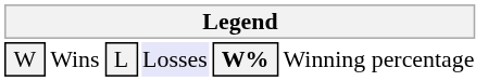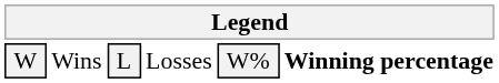 <table class="toccolours" style="font-size: 90%; white-space: nowrap;">
 <tr>
 <th colspan="14" style="background-color: #F2F2F2; border: 1px solid #AAAAAA; width=50%;">Legend</th>
 </tr>
 <tr>
 <td style="background-color: #F2F2F2; border: 1px solid black"> W </td>
 <td>Wins</td>
 <td style="background-color: #F2F2F2; border: 1px solid black"> L </td>
-<td style="background: lavender;">Losses</td>
-<td style="background-color: #F2F2F2; border: 1px solid black;"><strong> W% </strong></td>
-<td>Winning percentage</td>
+<td>Losses</td>
+<td style="background-color: #F2F2F2; border: 1px solid black;"> W% </td>
+<td><strong>Winning percentage</strong></td>
 </tr>
 <tr>
 </tr>
 </table>
